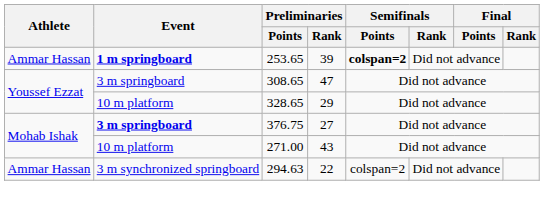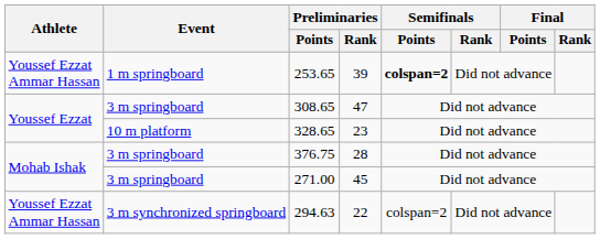 <table class="wikitable" style="text-align:center; font-size:90%">
 <tr>
 <th rowspan=2>Athlete</th>
 <th rowspan=2>Event</th>
 <th colspan=2>Preliminaries</th>
 <th colspan=2>Semifinals</th>
 <th colspan=2>Final</th>
 </tr>
 <tr style="font-size:95%">
 <th>Points</th>
 <th>Rank</th>
 <th>Points</th>
 <th>Rank</th>
 <th>Points</th>
 <th>Rank</th>
 </tr>
 <tr>
-<td align=left><a href='#'>Ammar Hassan</a></td>
-<td align=left><strong><a href='#'>1 m springboard</a></strong></td>
+<td align=left><a href='#'>Youssef Ezzat</a><br><a href='#'>Ammar Hassan</a></td>
+<td align=left><a href='#'>1 m springboard</a></td>
 <td>253.65</td>
 <td>39</td>
 <td><strong>colspan=2 </strong></td>
 <td colspan=2>Did not advance</td>
 </tr>
 <tr>
 <td align=left rowspan=2><a href='#'>Youssef Ezzat</a></td>
 <td align=left><a href='#'>3 m springboard</a></td>
 <td>308.65</td>
 <td>47</td>
 <td colspan=4>Did not advance</td>
 </tr>
 <tr>
 <td align=left><a href='#'>10 m platform</a></td>
 <td>328.65</td>
-<td>29</td>
+<td>23</td>
 <td colspan=4>Did not advance</td>
 </tr>
 <tr>
 <td align=left rowspan=2><a href='#'>Mohab Ishak</a></td>
-<td align=left><strong><a href='#'>3 m springboard</a></strong></td>
+<td align=left><a href='#'>3 m springboard</a></td>
 <td>376.75</td>
-<td>27</td>
+<td>28</td>
 <td colspan=4>Did not advance</td>
 </tr>
 <tr>
-<td align=left><a href='#'>10 m platform</a></td>
+<td align=left><a href='#'>3 m springboard</a></td>
 <td>271.00</td>
-<td>43</td>
+<td>45</td>
 <td colspan=4>Did not advance</td>
 </tr>
 <tr>
-<td align=left><a href='#'>Ammar Hassan</a></td>
+<td align=left><a href='#'>Youssef Ezzat</a><br><a href='#'>Ammar Hassan</a></td>
 <td align=left><a href='#'>3 m synchronized springboard</a></td>
 <td>294.63</td>
 <td>22</td>
 <td>colspan=2 </td>
 <td colspan=2>Did not advance</td>
 </tr>
 </table>
